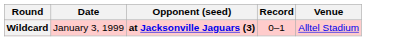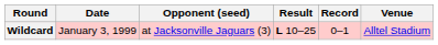 <table class="wikitable" style="text-align:center">
 <tr>
 <th>Round</th>
 <th>Date</th>
 <th>Opponent (seed)</th>
+<th>Result</th>
 <th>Record</th>
 <th>Venue</th>
 </tr>
 <tr style="background:#fcc">
 <th>Wildcard</th>
 <td>January 3, 1999</td>
-<td><strong>at <a href='#'>Jacksonville Jaguars</a> (3)</strong></td>
+<td>at <a href='#'>Jacksonville Jaguars</a> (3)</td>
+<td><strong>L</strong> 10–25</td>
 <td>0–1</td>
 <td><a href='#'>Alltel Stadium</a></td>
 </tr>
 </table>
